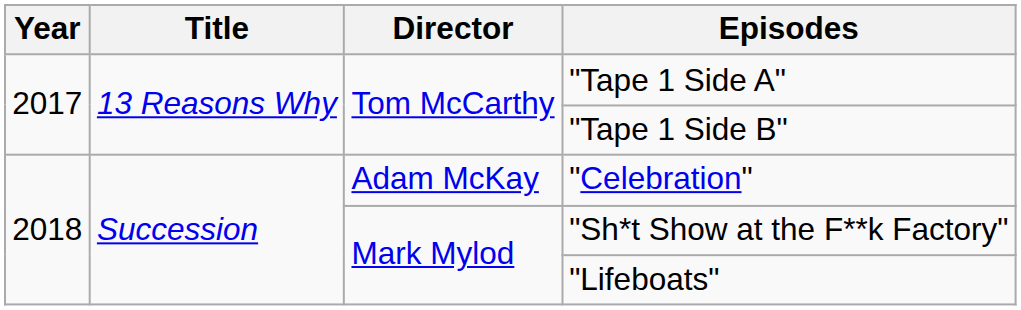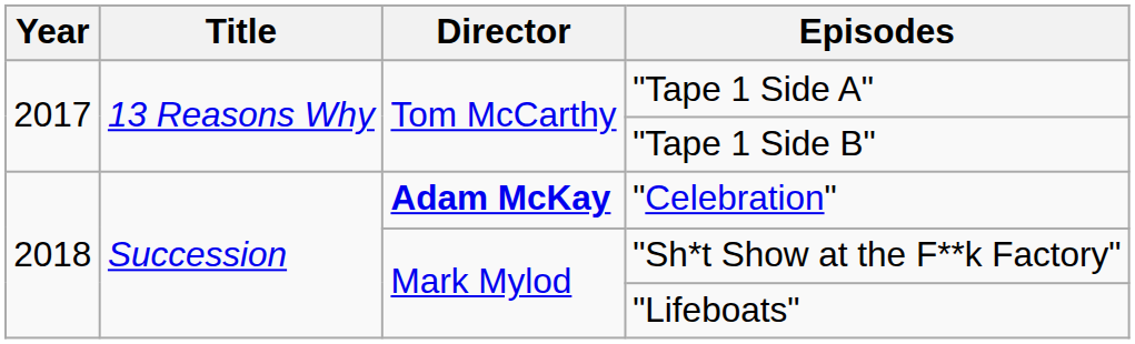 <table class="wikitable">
 <tr>
 <th>Year</th>
 <th>Title</th>
 <th>Director</th>
 <th>Episodes</th>
 </tr>
 <tr>
 <td rowspan=2>2017</td>
 <td rowspan=2><em><a href='#'>13 Reasons Why</a></em></td>
 <td rowspan=2><a href='#'>Tom McCarthy</a></td>
 <td>"Tape 1 Side A"</td>
 </tr>
 <tr>
 <td>"Tape 1 Side B"</td>
 </tr>
 <tr>
 <td rowspan=3>2018</td>
 <td rowspan=3><em><a href='#'>Succession</a></em></td>
-<td><a href='#'>Adam McKay</a></td>
+<td><strong><a href='#'>Adam McKay</a></strong></td>
 <td>"<a href='#'>Celebration</a>"</td>
 </tr>
 <tr>
 <td rowspan=2><a href='#'>Mark Mylod</a></td>
 <td>"Sh*t Show at the F**k Factory"</td>
 </tr>
 <tr>
 <td>"Lifeboats"</td>
 </tr>
 </table>
